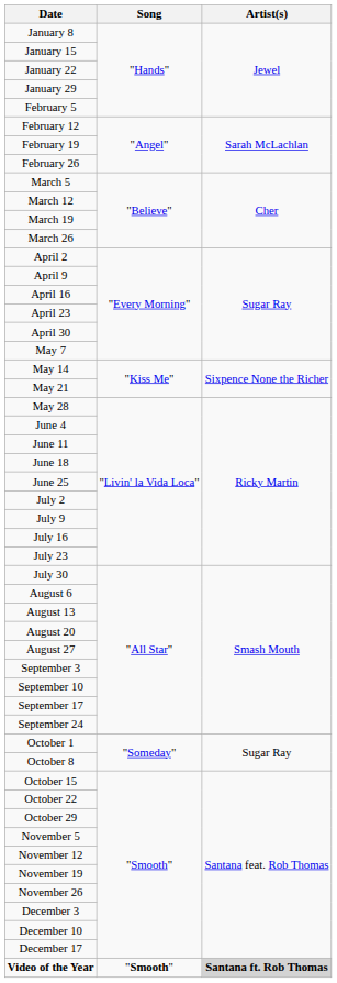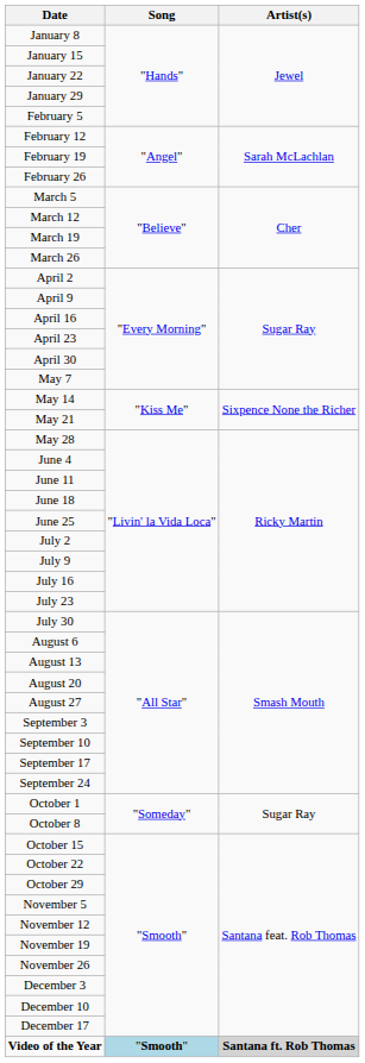 <table class="wikitable collapsible collapsed" style="text-align:center;">
 <tr>
 <th>Date</th>
 <th>Song</th>
 <th>Artist(s)</th>
 </tr>
 <tr>
 <td>January 8</td>
 <td rowspan="5">"<a href='#'>Hands</a>"</td>
 <td rowspan="5"><a href='#'>Jewel</a></td>
 </tr>
 <tr>
 <td>January 15</td>
 </tr>
 <tr>
 <td>January 22</td>
 </tr>
 <tr>
 <td>January 29</td>
 </tr>
 <tr>
 <td>February 5</td>
 </tr>
 <tr>
 <td>February 12</td>
 <td rowspan="3">"<a href='#'>Angel</a>"</td>
 <td rowspan="3"><a href='#'>Sarah McLachlan</a></td>
 </tr>
 <tr>
 <td>February 19</td>
 </tr>
 <tr>
 <td>February 26</td>
 </tr>
 <tr>
 <td>March 5</td>
 <td rowspan="4">"<a href='#'>Believe</a>"</td>
 <td rowspan="4"><a href='#'>Cher</a></td>
 </tr>
 <tr>
 <td>March 12</td>
 </tr>
 <tr>
 <td>March 19</td>
 </tr>
 <tr>
 <td>March 26</td>
 </tr>
 <tr>
 <td>April 2</td>
 <td rowspan="6">"<a href='#'>Every Morning</a>"</td>
 <td rowspan="6"><a href='#'>Sugar Ray</a></td>
 </tr>
 <tr>
 <td>April 9</td>
 </tr>
 <tr>
 <td>April 16</td>
 </tr>
 <tr>
 <td>April 23</td>
 </tr>
 <tr>
 <td>April 30</td>
 </tr>
 <tr>
 <td>May 7</td>
 </tr>
 <tr>
 <td>May 14</td>
 <td rowspan="2">"<a href='#'>Kiss Me</a>"</td>
 <td rowspan="2"><a href='#'>Sixpence None the Richer</a></td>
 </tr>
 <tr>
 <td>May 21</td>
 </tr>
 <tr>
 <td>May 28</td>
 <td rowspan="9">"<a href='#'>Livin' la Vida Loca</a>"</td>
 <td rowspan="9"><a href='#'>Ricky Martin</a></td>
 </tr>
 <tr>
 <td>June 4</td>
 </tr>
 <tr>
 <td>June 11</td>
 </tr>
 <tr>
 <td>June 18</td>
 </tr>
 <tr>
 <td>June 25</td>
 </tr>
 <tr>
 <td>July 2</td>
 </tr>
 <tr>
 <td>July 9</td>
 </tr>
 <tr>
 <td>July 16</td>
 </tr>
 <tr>
 <td>July 23</td>
 </tr>
 <tr>
 <td>July 30</td>
 <td rowspan="9">"<a href='#'>All Star</a>"</td>
 <td rowspan="9"><a href='#'>Smash Mouth</a></td>
 </tr>
 <tr>
 <td>August 6</td>
 </tr>
 <tr>
 <td>August 13</td>
 </tr>
 <tr>
 <td>August 20</td>
 </tr>
 <tr>
 <td>August 27</td>
 </tr>
 <tr>
 <td>September 3</td>
 </tr>
 <tr>
 <td>September 10</td>
 </tr>
 <tr>
 <td>September 17</td>
 </tr>
 <tr>
 <td>September 24</td>
 </tr>
 <tr>
 <td>October 1</td>
 <td rowspan="2">"<a href='#'>Someday</a>"</td>
 <td rowspan="2">Sugar Ray</td>
 </tr>
 <tr>
 <td>October 8</td>
 </tr>
 <tr>
 <td>October 15</td>
 <td rowspan="10">"<a href='#'>Smooth</a>"</td>
 <td rowspan="10"><a href='#'>Santana</a> feat. <a href='#'>Rob Thomas</a></td>
 </tr>
 <tr>
 <td>October 22</td>
 </tr>
 <tr>
 <td>October 29</td>
 </tr>
 <tr>
 <td>November 5</td>
 </tr>
 <tr>
 <td>November 12</td>
 </tr>
 <tr>
 <td>November 19</td>
 </tr>
 <tr>
 <td>November 26</td>
 </tr>
 <tr>
 <td>December 3</td>
 </tr>
 <tr>
 <td>December 10</td>
 </tr>
 <tr>
 <td>December 17</td>
 </tr>
 <tr>
 <td><strong>Video of the Year</strong></td>
-<td>"<strong>Smooth</strong>"</td>
+<td style="background: lightblue;">"<strong>Smooth</strong>"</td>
 <td style="background: lightgrey;"><strong>Santana ft. Rob Thomas</strong></td>
 </tr>
 </table>
